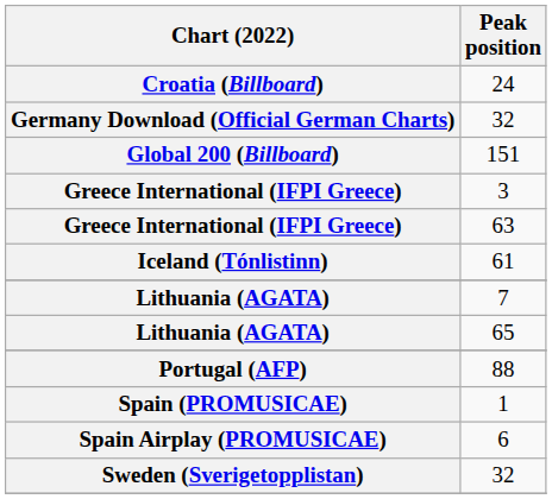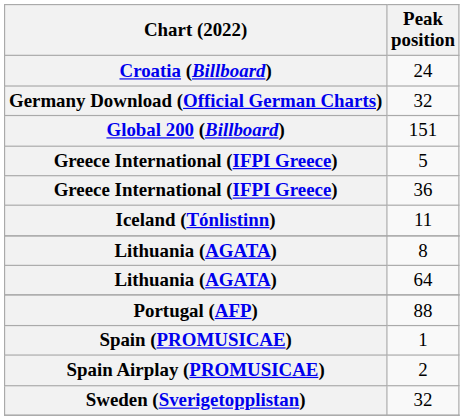 <table class="wikitable sortable plainrowheaders" style="text-align:center">
 <tr>
 <th scope="col">Chart (2022)</th>
 <th scope="col">Peak<br>position</th>
 </tr>
 <tr>
 <th scope="row"><a href='#'>Croatia</a> (<em><a href='#'>Billboard</a></em>)</th>
 <td>24</td>
 </tr>
 <tr>
 <th scope="row">Germany Download (<a href='#'>Official German Charts</a>)</th>
 <td>32</td>
 </tr>
 <tr>
 <th scope="row"><a href='#'>Global 200</a> (<em><a href='#'>Billboard</a></em>)</th>
 <td>151</td>
 </tr>
 <tr>
 <th scope="row">Greece International (<a href='#'>IFPI Greece</a>)</th>
-<td>3</td>
+<td>5</td>
 </tr>
 <tr>
 <th scope="row">Greece International (<a href='#'>IFPI Greece</a>)<br></th>
-<td>63</td>
+<td>36</td>
 </tr>
 <tr>
 <th scope="row">Iceland (<a href='#'>Tónlistinn</a>)</th>
-<td>61</td>
+<td>11</td>
 </tr>
 <tr>
 </tr>
 <tr>
 <th scope="row">Lithuania (<a href='#'>AGATA</a>)</th>
-<td>7</td>
+<td>8</td>
 </tr>
 <tr>
 <th scope="row">Lithuania (<a href='#'>AGATA</a>) <br></th>
-<td>65</td>
+<td>64</td>
 </tr>
 <tr>
 </tr>
 <tr>
 <th scope="row">Portugal (<a href='#'>AFP</a>)</th>
 <td>88</td>
 </tr>
 <tr>
 <th scope="row">Spain (<a href='#'>PROMUSICAE</a>)</th>
 <td>1</td>
 </tr>
 <tr>
 <th scope="row">Spain Airplay (<a href='#'>PROMUSICAE</a>)</th>
-<td>6</td>
+<td>2</td>
 </tr>
 <tr>
 <th scope="row">Sweden (<a href='#'>Sverigetopplistan</a>)</th>
 <td>32</td>
 </tr>
 <tr>
 </tr>
 <tr>
 </tr>
 </table>
